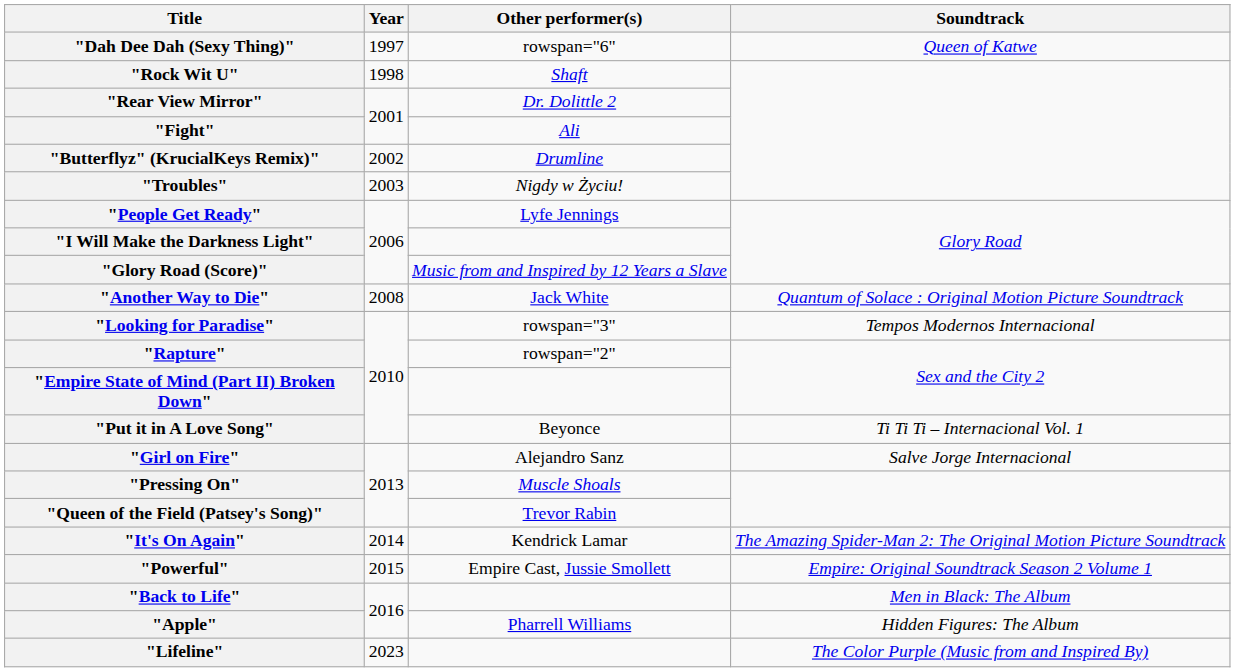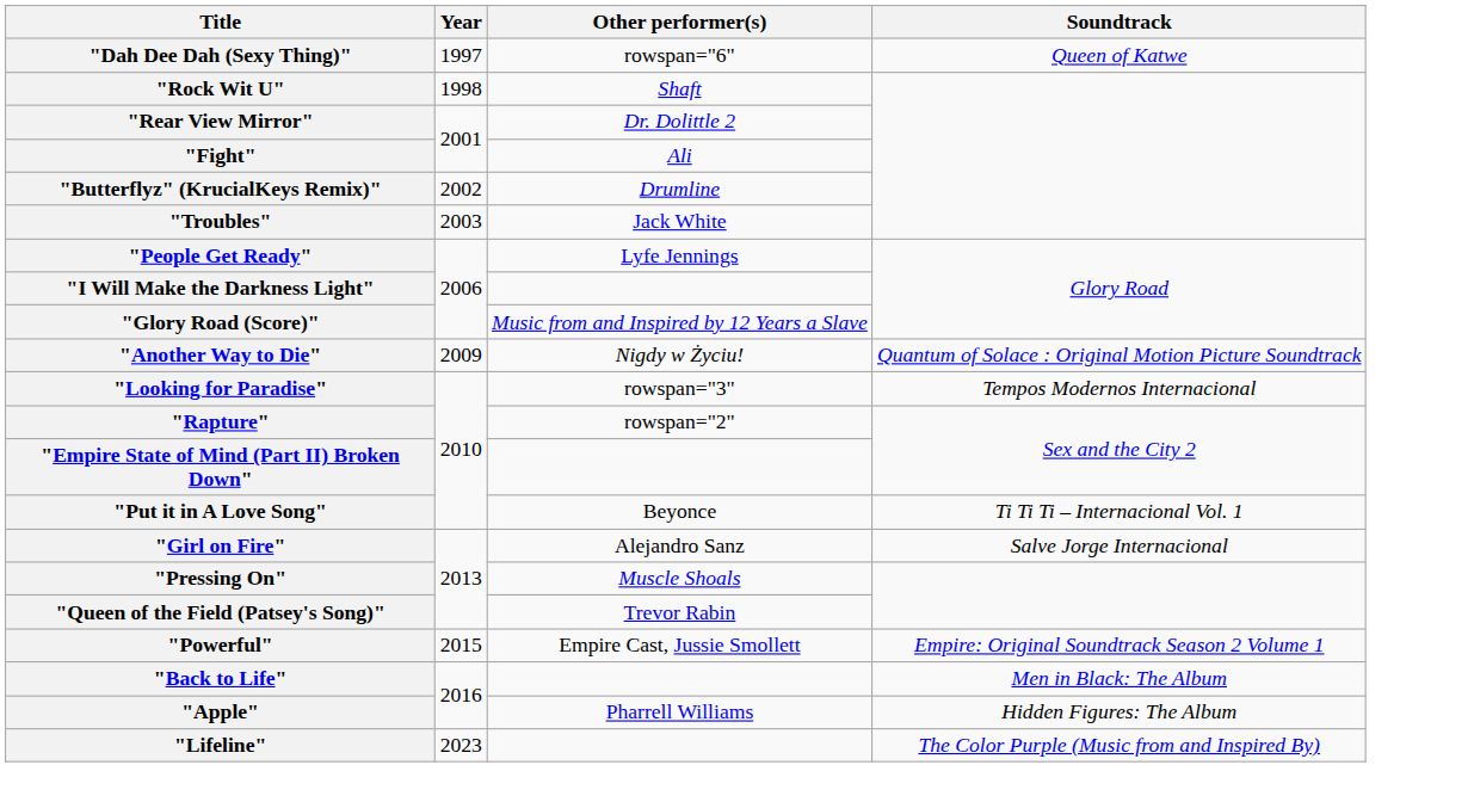 <table class="wikitable plainrowheaders" style="text-align:center;">
 <tr>
 <th scope="col" style="width:20em;">Title</th>
 <th scope="col">Year</th>
 <th scope="col">Other performer(s)</th>
 <th scope="col">Soundtrack</th>
 </tr>
 <tr>
 <th scope="row">"Dah Dee Dah (Sexy Thing)"</th>
 <td>1997</td>
 <td>rowspan="6" </td>
 <td><em><a href='#'>Queen of Katwe</a></em></td>
 </tr>
 <tr>
 <th scope="row">"Rock Wit U"</th>
 <td>1998</td>
 <td><em><a href='#'>Shaft</a></em></td>
 </tr>
 <tr>
 <th scope="row">"Rear View Mirror"</th>
 <td rowspan="2">2001</td>
 <td><em><a href='#'>Dr. Dolittle 2</a></em></td>
 </tr>
 <tr>
 <th scope="row">"Fight"</th>
 <td><em><a href='#'>Ali</a></em></td>
 </tr>
 <tr>
 <th scope="row">"Butterflyz" (KrucialKeys Remix)"</th>
 <td>2002</td>
 <td><em><a href='#'>Drumline</a></em></td>
 </tr>
 <tr>
 <th scope="row">"Troubles"</th>
 <td>2003</td>
-<td><em>Nigdy w Życiu!</em></td>
+<td><a href='#'>Jack White</a></td>
 </tr>
 <tr>
 <th scope="row">"<a href='#'>People Get Ready</a>"</th>
 <td rowspan="3">2006</td>
 <td><a href='#'>Lyfe Jennings</a></td>
 <td rowspan="3"><em><a href='#'>Glory Road</a></em></td>
 </tr>
 <tr>
 <th scope="row">"I Will Make the Darkness Light"</th>
 <td></td>
 </tr>
 <tr>
 <th scope="row">"Glory Road (Score)"</th>
 <td><em><a href='#'>Music from and Inspired by 12 Years a Slave</a></em></td>
 </tr>
 <tr>
 <th scope="row">"<a href='#'>Another Way to Die</a>"</th>
-<td>2008</td>
-<td><a href='#'>Jack White</a></td>
+<td>2009</td>
+<td><em>Nigdy w Życiu!</em></td>
 <td><em><a href='#'>Quantum of Solace : Original Motion Picture Soundtrack</a></em></td>
 </tr>
 <tr>
 <th scope="row">"<a href='#'>Looking for Paradise</a>"</th>
 <td rowspan="4">2010</td>
 <td>rowspan="3" </td>
 <td><em>Tempos Modernos Internacional</em></td>
 </tr>
 <tr>
 <th scope="row">"<a href='#'>Rapture</a>"</th>
 <td>rowspan="2" </td>
 <td rowspan="2"><em><a href='#'>Sex and the City 2</a></em></td>
 </tr>
 <tr>
 <th scope="row">"<a href='#'>Empire State of Mind (Part II) Broken Down</a>"</th>
 </tr>
 <tr>
 <th scope="row">"Put it in A Love Song"</th>
 <td>Beyonce</td>
 <td><em>Ti Ti Ti – Internacional Vol. 1</em></td>
 </tr>
 <tr>
 <th scope="row">"<a href='#'>Girl on Fire</a>"</th>
 <td rowspan="3">2013</td>
 <td>Alejandro Sanz</td>
 <td><em>Salve Jorge Internacional</em></td>
 </tr>
 <tr>
 <th scope="row">"Pressing On"</th>
 <td><em><a href='#'>Muscle Shoals</a></em></td>
 </tr>
 <tr>
 <th scope="row">"Queen of the Field (Patsey's Song)"</th>
 <td><a href='#'>Trevor Rabin</a></td>
 </tr>
 <tr>
-<th scope="row">"<a href='#'>It's On Again</a>"</th>
-<td>2014</td>
-<td>Kendrick Lamar</td>
-<td><em><a href='#'>The Amazing Spider-Man 2: The Original Motion Picture Soundtrack</a></em></td>
-</tr>
-<tr>
 <th scope="row">"Powerful"</th>
 <td>2015</td>
 <td>Empire Cast, <a href='#'>Jussie Smollett</a></td>
 <td><em><a href='#'>Empire: Original Soundtrack Season 2 Volume 1</a></em></td>
 </tr>
 <tr>
 <th scope="row">"<a href='#'>Back to Life</a>"</th>
 <td rowspan="2">2016</td>
 <td></td>
 <td><em><a href='#'>Men in Black: The Album</a></em></td>
 </tr>
 <tr>
 <th scope="row">"Apple"</th>
 <td><a href='#'>Pharrell Williams</a></td>
 <td><em>Hidden Figures: The Album</em></td>
 </tr>
 <tr>
 <th scope="row">"Lifeline"</th>
 <td>2023</td>
 <td></td>
 <td><em><a href='#'>The Color Purple (Music from and Inspired By)</a></em></td>
 </tr>
 </table>
